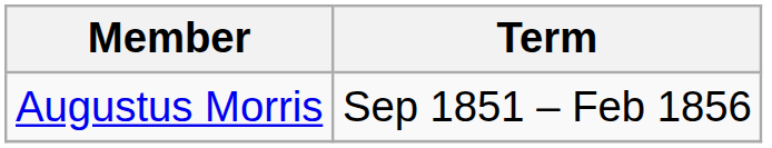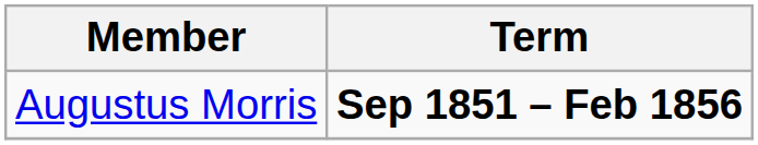 <table class="wikitable">
 <tr>
 <th>Member</th>
 <th>Term</th>
 </tr>
 <tr>
 <td><a href='#'>Augustus Morris</a></td>
-<td>Sep 1851 – Feb 1856</td>
+<td><strong>Sep 1851 – Feb 1856</strong></td>
 </tr>
 <tr>
 </tr>
 </table>
